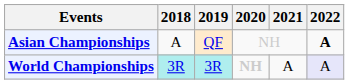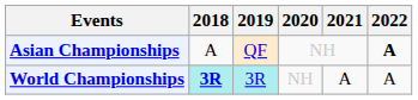 <table class="wikitable" style="font-size: 90%; text-align:center">
 <tr>
 <th>Events</th>
 <th>2018</th>
 <th>2019</th>
 <th>2020</th>
 <th>2021</th>
 <th>2022</th>
 </tr>
 <tr>
 <td bgcolor="#ECF2FF"; align="left"><strong><a href='#'>Asian Championships</a></strong></td>
 <td>A</td>
 <td bgcolor=FFEBCD><a href='#'>QF</a></td>
 <td colspan="2" style=color:#ccc>NH</td>
 <td><strong>A</strong></td>
 </tr>
 <tr>
 <td bgcolor="#ECF2FF"; align="left"><strong><a href='#'>World Championships</a></strong></td>
+<td bgcolor=AFEEEE><strong><a href='#'>3R</a></strong></td>
 <td bgcolor=AFEEEE><a href='#'>3R</a></td>
-<td bgcolor=AFEEEE><a href='#'>3R</a></td>
-<td style=color:#ccc><strong>NH</strong></td>
+<td style=color:#ccc>NH</td>
 <td>A</td>
-<td style="background: lavender;">A</td>
+<td>A</td>
 </tr>
 </table>
